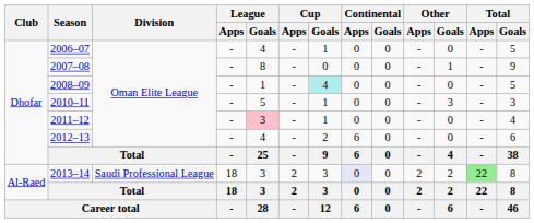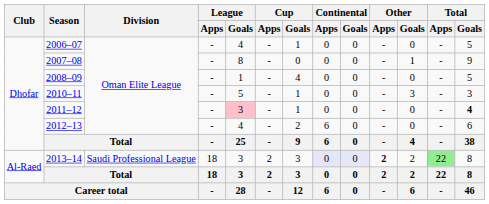 <table class="wikitable" style="text-align: center;">
 <tr>
 <th rowspan="2">Club</th>
 <th rowspan="2">Season</th>
 <th rowspan="2">Division</th>
 <th colspan="2">League</th>
 <th colspan="2">Cup</th>
 <th colspan="2">Continental</th>
 <th colspan="2">Other</th>
 <th colspan="2">Total</th>
 </tr>
 <tr>
 <th>Apps</th>
 <th>Goals</th>
 <th>Apps</th>
 <th>Goals</th>
 <th>Apps</th>
 <th>Goals</th>
 <th>Apps</th>
 <th>Goals</th>
 <th>Apps</th>
 <th>Goals</th>
 </tr>
 <tr>
 <td rowspan="7"><a href='#'>Dhofar</a></td>
 <td><a href='#'>2006–07</a></td>
 <td rowspan="6"><a href='#'>Oman Elite League</a></td>
 <td>-</td>
 <td>4</td>
 <td>-</td>
 <td>1</td>
 <td>0</td>
 <td>0</td>
 <td>-</td>
 <td>0</td>
 <td>-</td>
 <td>5</td>
 </tr>
 <tr>
 <td><a href='#'>2007–08</a></td>
 <td>-</td>
 <td>8</td>
 <td>-</td>
 <td>0</td>
 <td>0</td>
 <td>0</td>
 <td>-</td>
 <td>1</td>
 <td>-</td>
 <td>9</td>
 </tr>
 <tr>
 <td><a href='#'>2008–09</a></td>
 <td>-</td>
 <td>1</td>
 <td>-</td>
-<td style="background: paleturquoise;">4</td>
+<td>4</td>
 <td>0</td>
 <td>0</td>
 <td>-</td>
 <td>0</td>
 <td>-</td>
 <td>5</td>
 </tr>
 <tr>
 <td><a href='#'>2010–11</a></td>
 <td>-</td>
 <td>5</td>
 <td>-</td>
 <td>1</td>
 <td>0</td>
 <td>0</td>
 <td>-</td>
 <td>3</td>
 <td>-</td>
 <td>3</td>
 </tr>
 <tr>
 <td><a href='#'>2011–12</a></td>
 <td>-</td>
 <td style="background: pink;">3</td>
 <td>-</td>
 <td>1</td>
 <td>0</td>
 <td>0</td>
 <td>-</td>
 <td>0</td>
 <td>-</td>
-<td>4</td>
+<td><strong>4</strong></td>
 </tr>
 <tr>
 <td><a href='#'>2012–13</a></td>
 <td>-</td>
 <td>4</td>
 <td>-</td>
 <td>2</td>
 <td>6</td>
 <td>0</td>
 <td>-</td>
 <td>0</td>
 <td>-</td>
 <td>6</td>
 </tr>
 <tr>
 <th colspan="2">Total</th>
 <th>-</th>
 <th>25</th>
 <th>-</th>
 <th>9</th>
 <th>6</th>
 <th>0</th>
 <th>-</th>
 <th>4</th>
 <th>-</th>
 <th>38</th>
 </tr>
 <tr>
 <td rowspan="2"><a href='#'>Al-Raed</a></td>
 <td><a href='#'>2013–14</a></td>
 <td rowspan="1"><a href='#'>Saudi Professional League</a></td>
 <td>18</td>
 <td>3</td>
 <td>2</td>
 <td>3</td>
 <td style="background: lavender;">0</td>
-<td>0</td>
-<td>2</td>
+<td style="background: lavender;">0</td>
+<td><strong>2</strong></td>
 <td>2</td>
 <td style="background: lightgreen;">22</td>
 <td>8</td>
 </tr>
 <tr>
 <th colspan="2">Total</th>
 <th>18</th>
 <th>3</th>
 <th>2</th>
 <th>3</th>
 <th>0</th>
 <th>0</th>
 <th>2</th>
 <th>2</th>
 <th>22</th>
 <th>8</th>
 </tr>
 <tr>
 <th colspan="3">Career total</th>
 <th>-</th>
 <th>28</th>
 <th>-</th>
 <th>12</th>
 <th>6</th>
 <th>0</th>
 <th>-</th>
 <th>6</th>
 <th>-</th>
 <th>46</th>
 </tr>
 </table>
